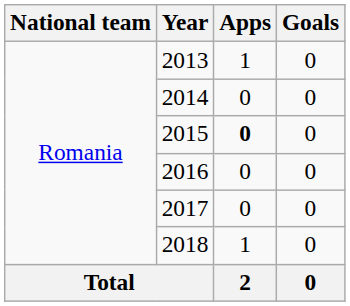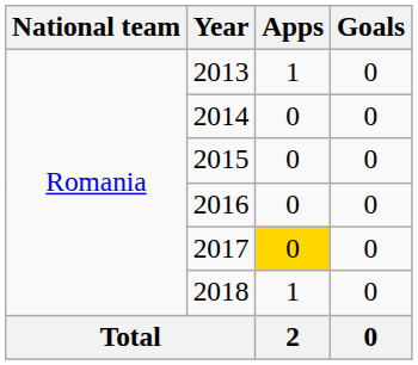 <table class="wikitable" style="text-align:center">
 <tr>
 <th>National team</th>
 <th>Year</th>
 <th>Apps</th>
 <th>Goals</th>
 </tr>
 <tr>
 <td rowspan="6"><a href='#'>Romania</a></td>
 <td>2013</td>
 <td>1</td>
 <td>0</td>
 </tr>
 <tr>
 <td>2014</td>
 <td>0</td>
 <td>0</td>
 </tr>
 <tr>
 <td>2015</td>
-<td><strong>0</strong></td>
+<td>0</td>
 <td>0</td>
 </tr>
 <tr>
 <td>2016</td>
 <td>0</td>
 <td>0</td>
 </tr>
 <tr>
 <td>2017</td>
-<td>0</td>
+<td style="background: gold;">0</td>
 <td>0</td>
 </tr>
 <tr>
 <td>2018</td>
 <td>1</td>
 <td>0</td>
 </tr>
 <tr>
 <th colspan="2">Total</th>
 <th>2</th>
 <th>0</th>
 </tr>
 </table>
